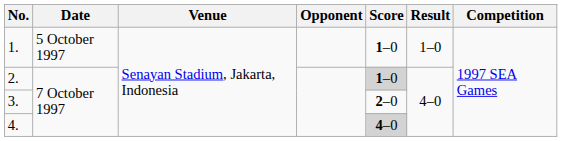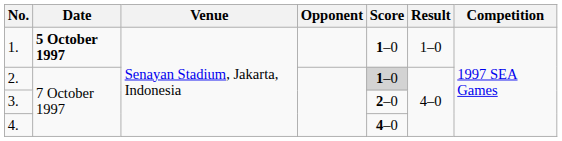 <table class="wikitable">
 <tr>
 <th>No.</th>
 <th>Date</th>
 <th>Venue</th>
 <th>Opponent</th>
 <th>Score</th>
 <th>Result</th>
 <th>Competition</th>
 </tr>
 <tr>
 <td>1.</td>
-<td>5 October 1997</td>
+<td><strong>5 October 1997</strong></td>
 <td rowspan=4><a href='#'>Senayan Stadium</a>, Jakarta, Indonesia</td>
 <td></td>
 <td align=center><strong>1</strong>–0</td>
 <td align=center>1–0</td>
 <td rowspan=4><a href='#'>1997 SEA Games</a></td>
 </tr>
 <tr>
 <td>2.</td>
 <td rowspan=3>7 October 1997</td>
 <td rowspan=3></td>
 <td align=center style="background: lightgrey;"><strong>1</strong>–0</td>
 <td rowspan=3 align=center>4–0</td>
 </tr>
 <tr>
 <td>3.</td>
 <td align=center><strong>2</strong>–0</td>
 </tr>
 <tr>
 <td>4.</td>
-<td align=center style="background: lightgrey;"><strong>4</strong>–0</td>
+<td align=center><strong>4</strong>–0</td>
 </tr>
 </table>
